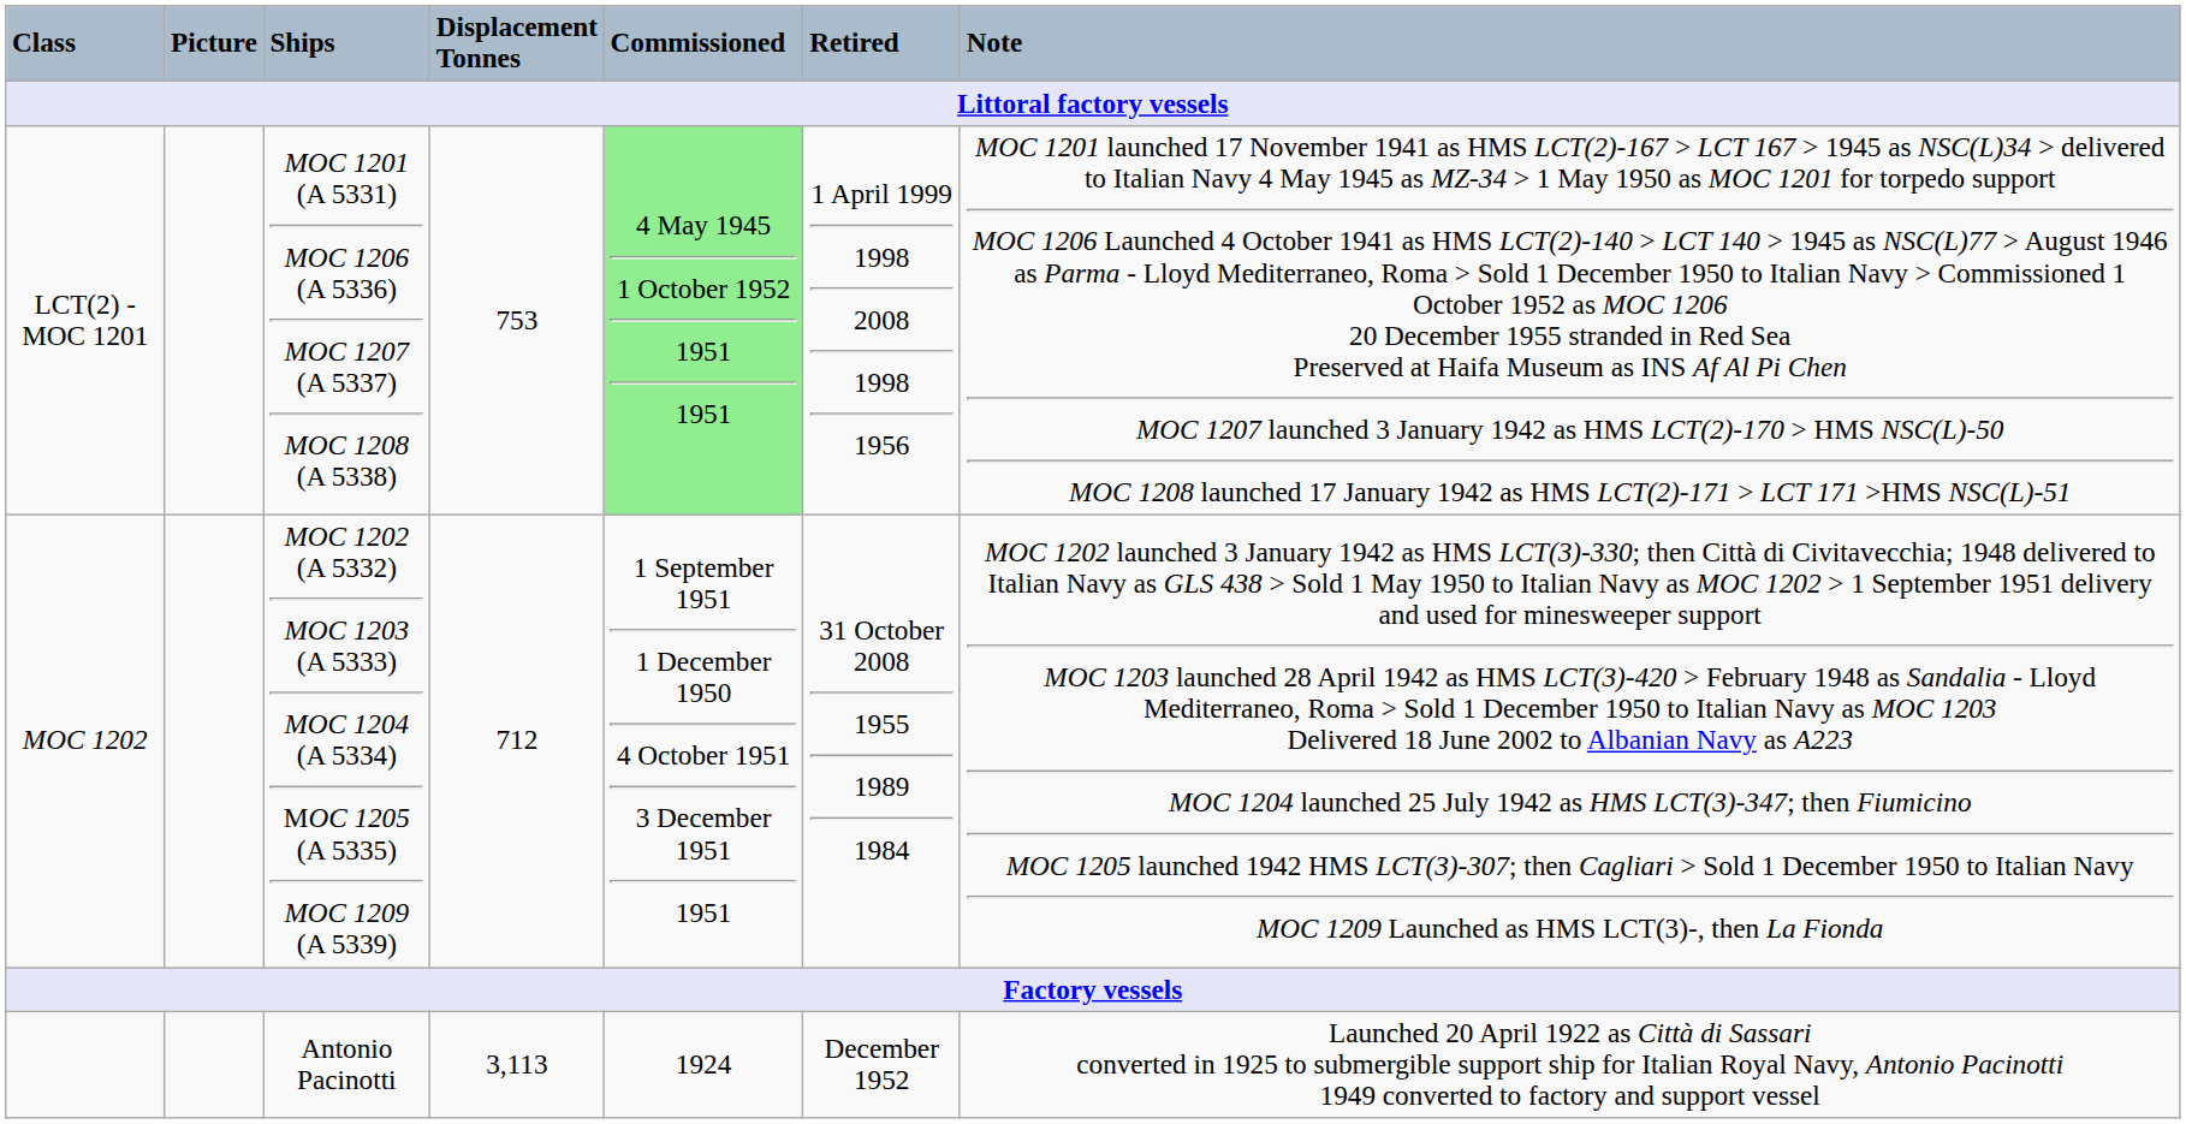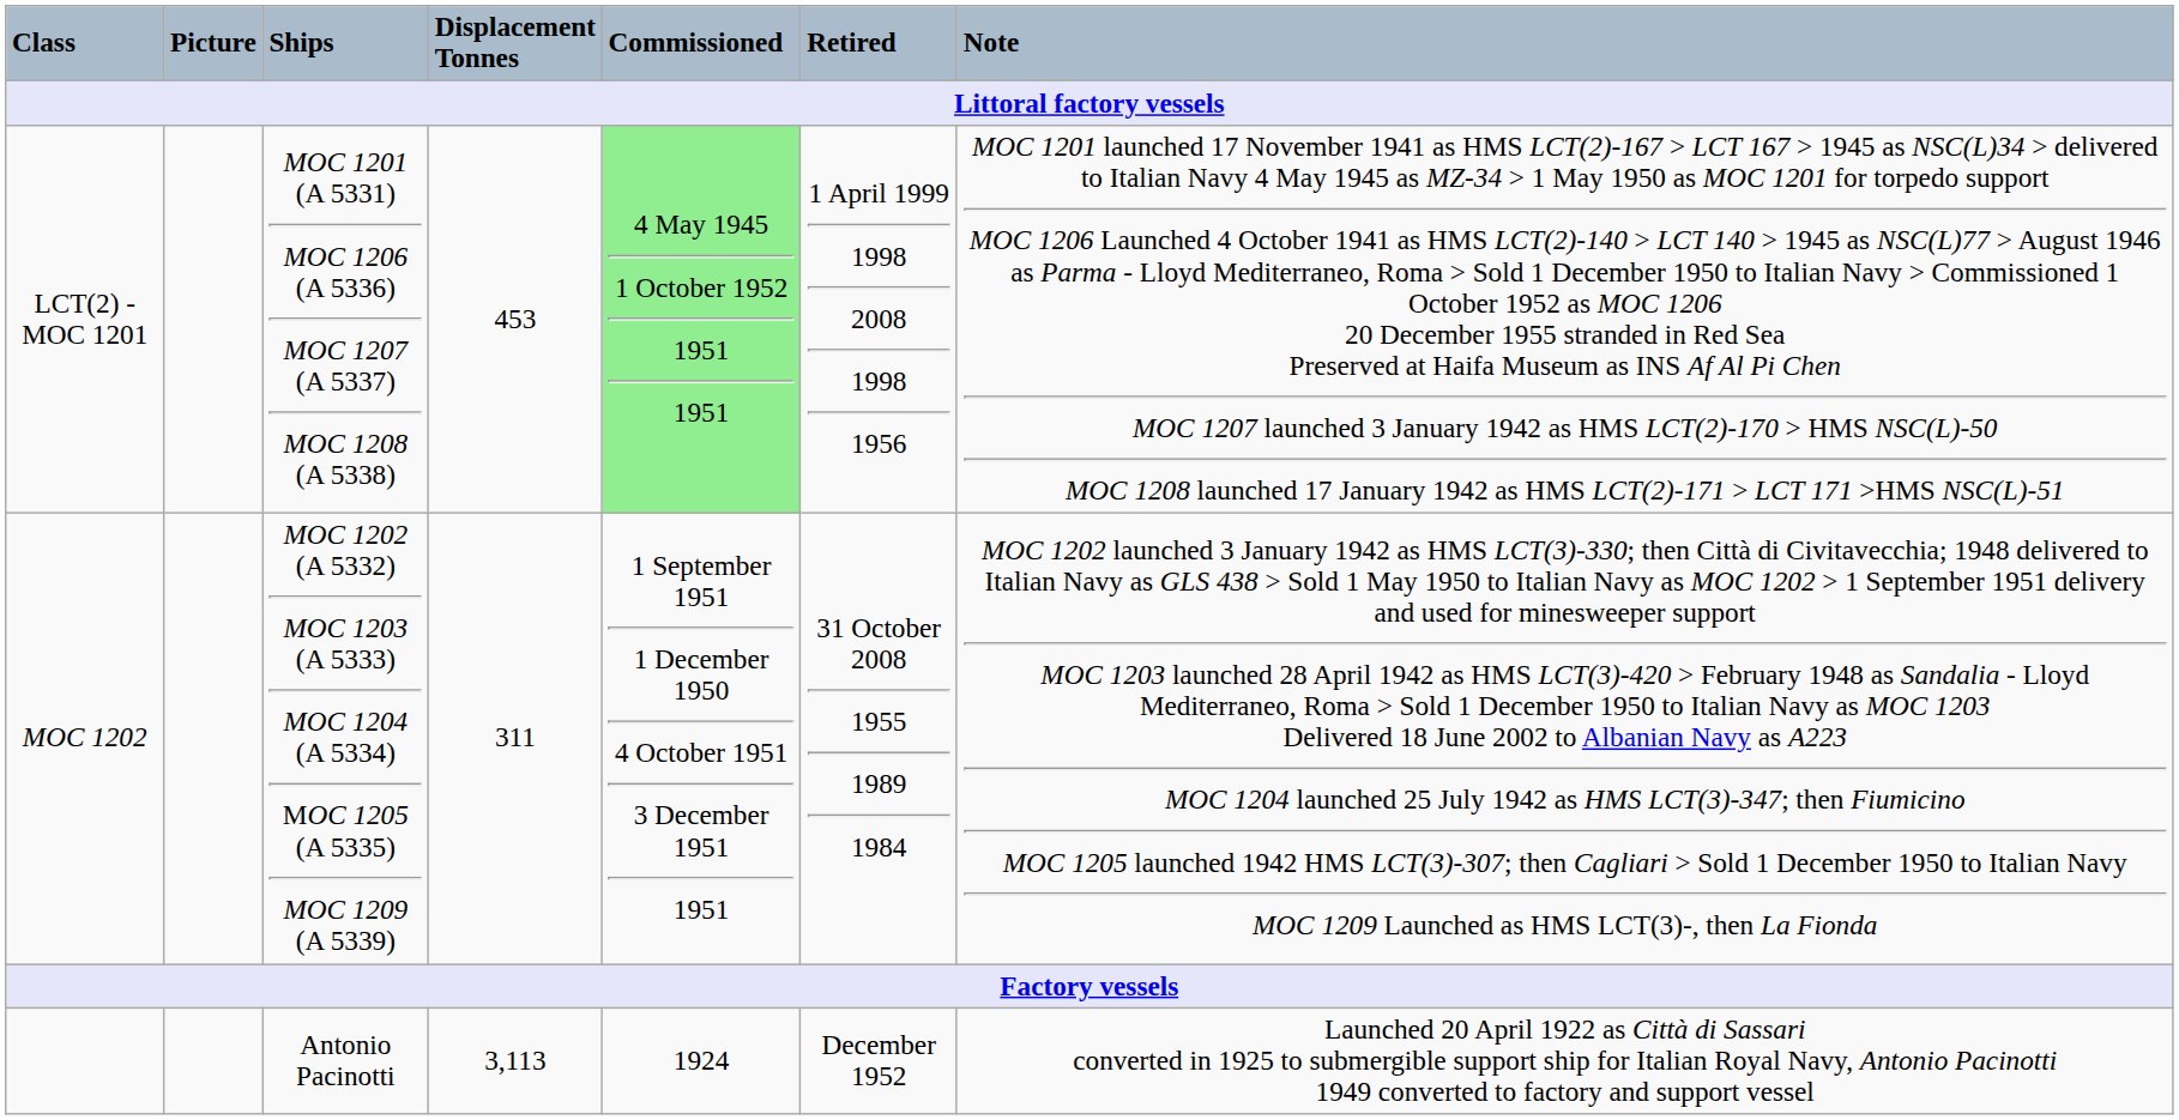 <table class="wikitable" style="text-align:center;">
 <tr>
 <th style="text-align: left; background: #aabccc;">Class</th>
 <th style="text-align: left; background: #aabccc;">Picture</th>
 <th style="text-align: left; background: #aabccc;">Ships</th>
 <th style="text-align: left; background: #aabccc;">Displacement<br>Tonnes</th>
 <th style="text-align: left; background: #aabccc;">Commissioned</th>
 <th style="text-align: left; background: #aabccc;">Retired</th>
 <th style="text-align: left; background: #aabccc;">Note</th>
 </tr>
 <tr>
 <th style="align: center; background: lavender;" colspan="9"><strong><a href='#'>Littoral factory vessels</a></strong></th>
 </tr>
 <tr>
 <td>LCT(2) - MOC 1201<br></td>
 <td></td>
 <td><em>MOC 1201</em> (A 5331)<hr><em>MOC 1206</em> (A 5336)<hr><em>MOC 1207</em> (A 5337)<hr><em>MOC 1208</em> (A 5338)</td>
-<td>753</td>
+<td>453</td>
 <td style="background: lightgreen;">4 May 1945<hr>1 October 1952<hr>1951<hr>1951</td>
 <td>1 April 1999<hr>1998<hr>2008<hr>1998<hr>1956</td>
 <td><em>MOC 1201</em> launched 17 November 1941 as  HMS <em>LCT(2)-167</em> > <em>LCT 167</em> > 1945 as <em>NSC(L)34</em> > delivered to Italian Navy 4 May 1945 as <em>MZ-34</em> > 1 May 1950 as <em>MOC 1201</em> for torpedo support<hr><em>MOC 1206</em> Launched 4 October 1941 as HMS <em>LCT(2)-140</em> > <em>LCT 140</em>  > 1945 as <em>NSC(L)77</em> > August 1946 as <em>Parma</em> - Lloyd Mediterraneo, Roma > Sold 1 December 1950 to Italian Navy > Commissioned 1 October 1952 as <em>MOC 1206</em><br>20 December 1955 stranded in Red Sea<br>Preserved at Haifa Museum as INS <em>Af Al Pi Chen</em><hr><em>MOC 1207</em> launched 3 January 1942 as HMS <em>LCT(2)-170</em> > HMS <em>NSC(L)-50</em><hr><em>MOC 1208</em> launched 17 January 1942 as  HMS <em>LCT(2)-171</em> > <em>LCT 171</em> >HMS <em>NSC(L)-51</em></td>
 </tr>
 <tr>
 <td><em>MOC 1202</em><br></td>
 <td></td>
 <td><em>MOC 1202</em> (A 5332)<hr><em>MOC 1203</em> (A 5333) <hr><em>MOC 1204</em> (A 5334) <hr>M<em>OC 1205</em> (A 5335) <hr><em>MOC 1209</em> (A 5339)</td>
-<td>712</td>
+<td>311</td>
 <td>1 September 1951<hr>1 December 1950<hr>4 October 1951<hr>3 December 1951<hr>1951</td>
 <td>31 October 2008<hr>1955<hr>1989<hr>1984</td>
 <td><em>MOC 1202</em> launched 3 January 1942 as HMS <em>LCT(3)-330</em>; then Città di Civitavecchia; 1948 delivered to Italian Navy as <em>GLS 438</em> > Sold 1 May 1950 to Italian Navy as <em>MOC 1202</em> > 1 September 1951 delivery and used for minesweeper support<hr><em>MOC 1203</em> launched 28 April 1942 as HMS <em>LCT(3)-420</em> > February 1948 as <em>Sandalia</em> - Lloyd Mediterraneo, Roma > Sold 1 December 1950 to Italian Navy as <em>MOC 1203</em><br>Delivered 18 June 2002 to <a href='#'>Albanian Navy</a> as <em>A223</em><hr><em>MOC 1204</em> launched 25 July 1942 as <em>HMS LCT(3)-347</em>; then <em>Fiumicino</em><hr><em>MOC 1205</em> launched 1942 HMS <em>LCT(3)-307</em>; then <em>Cagliari</em> > Sold 1 December 1950 to Italian Navy<hr><em>MOC 1209</em> Launched as HMS LCT(3)-, then <em>La Fionda</em></td>
 </tr>
 <tr>
 <th style="align: center; background: lavender;" colspan="9"><strong><a href='#'>Factory vessels</a></strong></th>
 </tr>
 <tr>
 <td><br></td>
 <td></td>
 <td>Antonio Pacinotti </td>
 <td>3,113</td>
 <td>1924</td>
 <td>December 1952</td>
 <td>Launched 20 April 1922 as <em>Città di Sassari</em><br>converted in 1925 to submergible support ship for Italian Royal Navy, <em>Antonio Pacinotti</em><br>1949 converted to factory and support vessel</td>
 </tr>
 </table>
